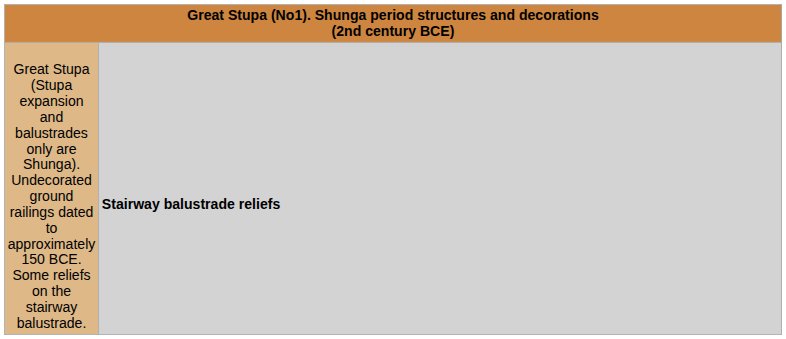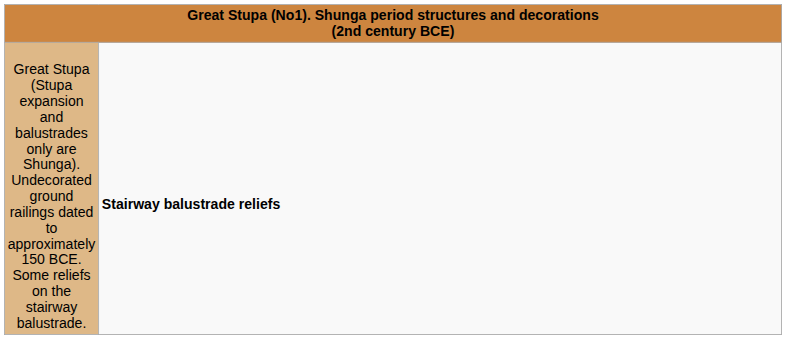 <table class="wikitable" style="margin:0 auto;"  align="center"  colspan="2" cellpadding="3" style="font-size: 80%; width: 100%;">
 <tr>
 <td colspan=2 style="background:#CD853F; font-size: 100%; text-align:center"><strong>Great Stupa (No1). Shunga period structures and decorations<br>(2nd century BCE)</strong></td>
 </tr>
 <tr>
 <td style="background:#DEB887; font-size: 100%; width: 1%; text-align: center"><br>Great Stupa<br>(Stupa expansion and balustrades only are Shunga).<br>Undecorated ground railings dated to approximately 150 BCE. Some reliefs on the stairway balustrade.</td>
-<td style="background: lightgrey;"><br><br> <strong>Stairway balustrade reliefs</strong><br> </td>
+<td><br><br> <strong>Stairway balustrade reliefs</strong><br> </td>
 </tr>
 </table>
